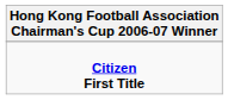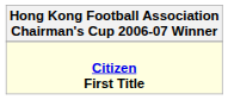 <table class="wikitable" style="text-align: center; margin: 0 auto;">
 <tr>
 <th>Hong Kong Football Association <br>Chairman's Cup 2006-07 Winner</th>
 </tr>
 <tr>
 </tr>
 <tr>
-<td><br><strong><a href='#'>Citizen</a></strong><br><strong>First Title</strong></td>
+<td style="background: lightyellow;"><br><strong><a href='#'>Citizen</a></strong><br><strong>First Title</strong></td>
 </tr>
 </table>
